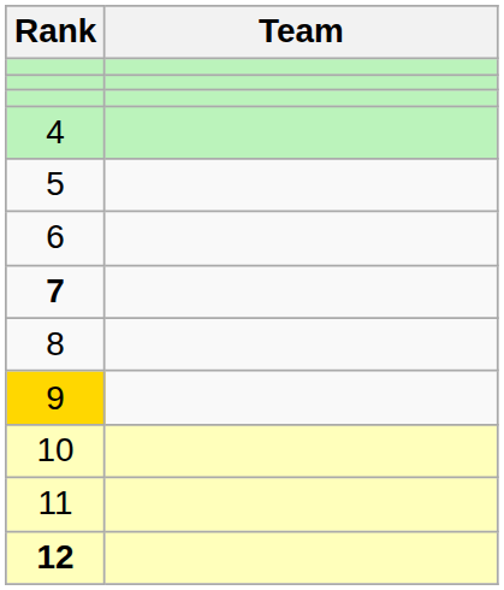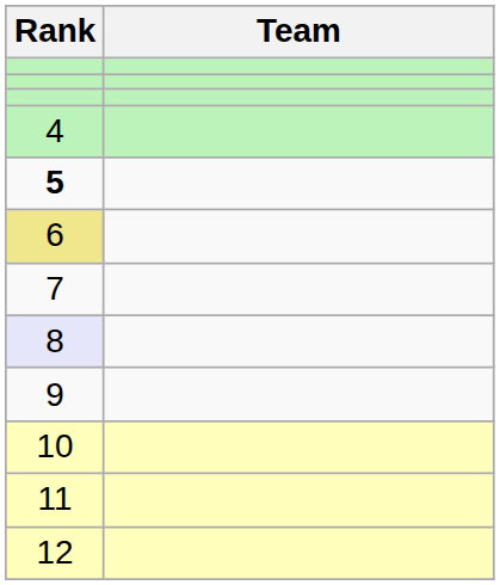 <table class="wikitable">
 <tr>
 <th style="width: 40px;">Rank</th>
 <th style="width: 180px;">Team</th>
 </tr>
 <tr style="background-color:#BBF3BB">
 <td style="text-align: center;"></td>
 <td></td>
 </tr>
 <tr style="background-color:#BBF3BB">
 <td style="text-align: center;"></td>
 <td></td>
 </tr>
 <tr style="background-color:#BBF3BB">
 <td style="text-align: center;"></td>
 <td></td>
 </tr>
 <tr style="background-color:#BBF3BB">
 <td style="text-align: center;">4</td>
 <td></td>
 </tr>
 <tr>
-<td style="text-align: center;">5</td>
+<td style="text-align: center;"><strong>5</strong></td>
 <td></td>
 </tr>
 <tr>
-<td style="text-align: center;">6</td>
+<td style="background: khaki; text-align: center;">6</td>
 <td></td>
 </tr>
 <tr>
-<td style="text-align: center;"><strong>7</strong></td>
+<td style="text-align: center;">7</td>
 <td></td>
 </tr>
 <tr>
-<td style="text-align: center;">8</td>
+<td style="background: lavender; text-align: center;">8</td>
 <td></td>
 </tr>
 <tr>
-<td style="background: gold; text-align: center;">9</td>
+<td style="text-align: center;">9</td>
 <td></td>
 </tr>
 <tr style="background-color:#FFFFBB">
 <td style="text-align: center;">10</td>
 <td></td>
 </tr>
 <tr style="background-color:#FFFFBB">
 <td style="text-align: center;">11</td>
 <td></td>
 </tr>
 <tr style="background-color:#FFFFBB">
-<td style="text-align: center;"><strong>12</strong></td>
+<td style="text-align: center;">12</td>
 <td></td>
 </tr>
 </table>
